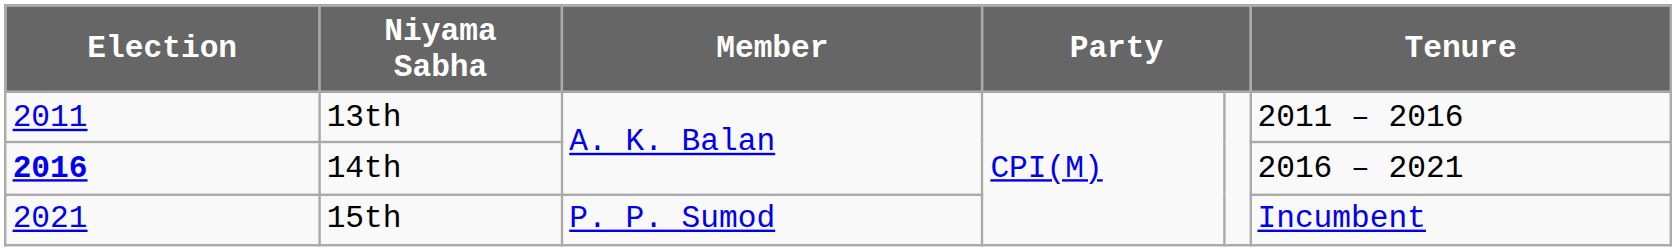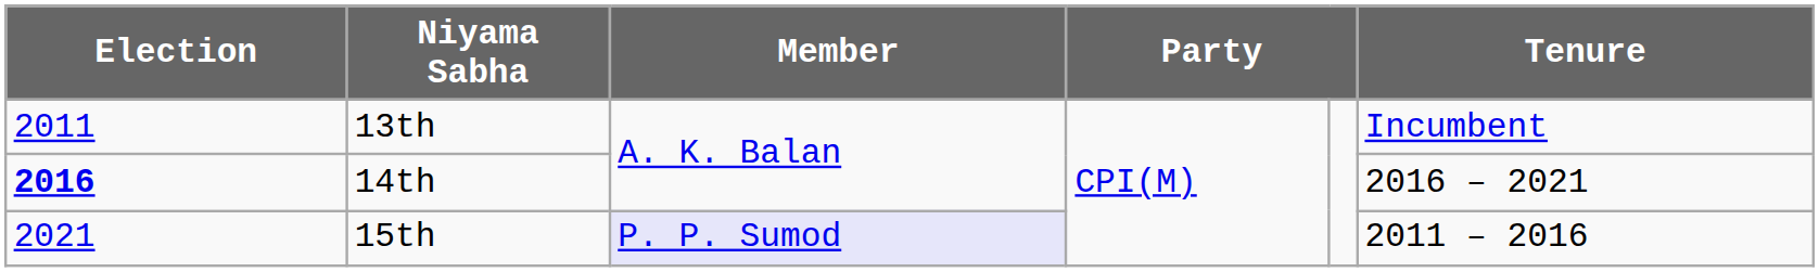 <table class="wikitable sortable" width="55%" style="font-size: x-big">
 <tr>
 <th style="background-color:#666666; color:white">Election</th>
 <th style="background-color:#666666; color:white">Niyama<br>Sabha</th>
 <th style="background-color:#666666; color:white">Member</th>
 <th style="background-color:#666666; color:white" colspan="2">Party</th>
 <th style="background-color:#666666; color:white">Tenure</th>
 </tr>
 <tr>
 <td><a href='#'>2011</a></td>
 <td>13th</td>
 <td rowspan="2"><a href='#'>A. K. Balan</a></td>
 <td rowspan="3"><a href='#'>CPI(M)</a></td>
 <td rowspan="3" width="4px" style="background-color: "></td>
-<td>2011 – 2016</td>
+<td><a href='#'>Incumbent</a></td>
 </tr>
 <tr>
 <td><strong><a href='#'>2016</a></strong></td>
 <td>14th</td>
 <td>2016 – 2021</td>
 </tr>
 <tr>
 <td><a href='#'>2021</a></td>
 <td>15th</td>
-<td><a href='#'>P. P. Sumod</a></td>
-<td><a href='#'>Incumbent</a></td>
+<td style="background: lavender;"><a href='#'>P. P. Sumod</a></td>
+<td>2011 – 2016</td>
 </tr>
 </table>
